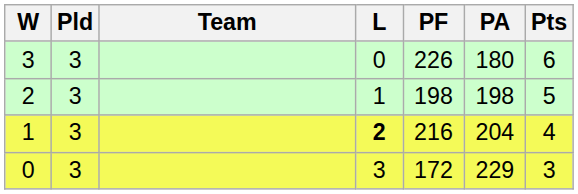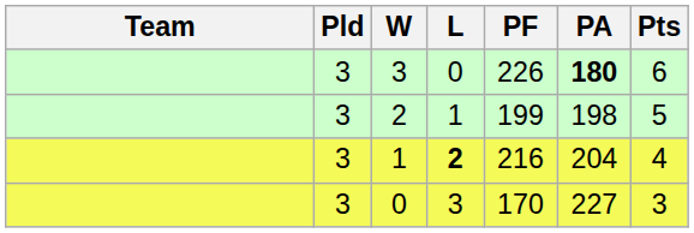 <table class="wikitable" style="text-align:center;">
 <tr>
+<th width=170>Team</th>
+<th width=25>Pld</th>
 <th width=25>W</th>
-<th width=25>Pld</th>
-<th width=170>Team</th>
 <th width=25>L</th>
 <th width=35>PF</th>
 <th width=35>PA</th>
 <th width=25>Pts</th>
 </tr>
 <tr bgcolor=#ccffcc>
+<td align="left"></td>
 <td>3</td>
 <td>3</td>
-<td align="left"></td>
 <td>0</td>
 <td>226</td>
-<td>180</td>
+<td><strong>180</strong></td>
 <td>6</td>
 </tr>
 <tr bgcolor=#ccffcc>
+<td align="left"></td>
+<td>3</td>
 <td>2</td>
-<td>3</td>
-<td align="left"></td>
 <td>1</td>
-<td>198</td>
+<td>199</td>
 <td>198</td>
 <td>5</td>
 </tr>
 <tr bgcolor=#F4FA58>
+<td align="left"></td>
+<td>3</td>
 <td>1</td>
-<td>3</td>
-<td align="left"></td>
 <td><strong>2</strong></td>
 <td>216</td>
 <td>204</td>
 <td>4</td>
 </tr>
 <tr bgcolor=#F4FA58>
+<td align="left"></td>
+<td>3</td>
 <td>0</td>
 <td>3</td>
-<td align="left"></td>
-<td>3</td>
-<td>172</td>
-<td>229</td>
+<td>170</td>
+<td>227</td>
 <td>3</td>
 </tr>
 </table>
